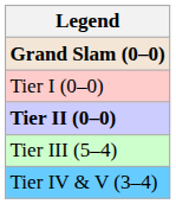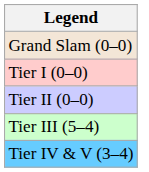 <table class="wikitable sortable mw-collapsible mw-collapsed">
 <tr>
 <th>Legend</th>
 </tr>
 <tr>
-<td bgcolor=#f3e6d7><strong>Grand Slam (0–0)</strong></td>
+<td bgcolor=#f3e6d7>Grand Slam (0–0)</td>
 </tr>
 <tr>
 <td bgcolor=#ffcccc>Tier I (0–0)</td>
 </tr>
 <tr>
-<td bgcolor=#ccccff><strong>Tier II (0–0)</strong></td>
+<td bgcolor=#ccccff>Tier II (0–0)</td>
 </tr>
 <tr>
 <td bgcolor=#CCFFCC>Tier III (5–4)</td>
 </tr>
 <tr>
 <td bgcolor=#66CCFF>Tier IV & V (3–4)</td>
 </tr>
 </table>
